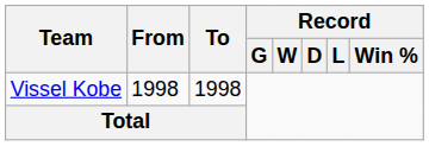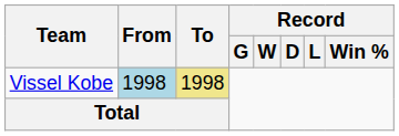 <table class="wikitable" style="text-align: center">
 <tr>
 <th rowspan="2">Team</th>
 <th rowspan="2">From</th>
 <th rowspan="2">To</th>
 <th colspan="5">Record</th>
 </tr>
 <tr>
 <th>G</th>
 <th>W</th>
 <th>D</th>
 <th>L</th>
 <th>Win %</th>
 </tr>
 <tr>
 <td align="left"><a href='#'>Vissel Kobe</a></td>
-<td align="left">1998</td>
-<td align="left">1998<br></td>
+<td align="left" style="background: lightblue;">1998</td>
+<td align="left" style="background: khaki;">1998<br></td>
 </tr>
 <tr>
 <th colspan="3">Total<br></th>
 </tr>
 </table>
